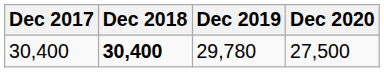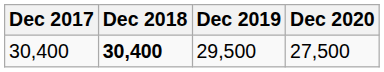 <table class="wikitable">
 <tr>
 <th>Dec 2017</th>
 <th>Dec 2018</th>
 <th>Dec 2019</th>
 <th>Dec 2020</th>
 </tr>
 <tr>
 <td>30,400</td>
 <td><strong>30,400</strong></td>
-<td>29,780</td>
+<td>29,500</td>
 <td>27,500</td>
 </tr>
 </table>
